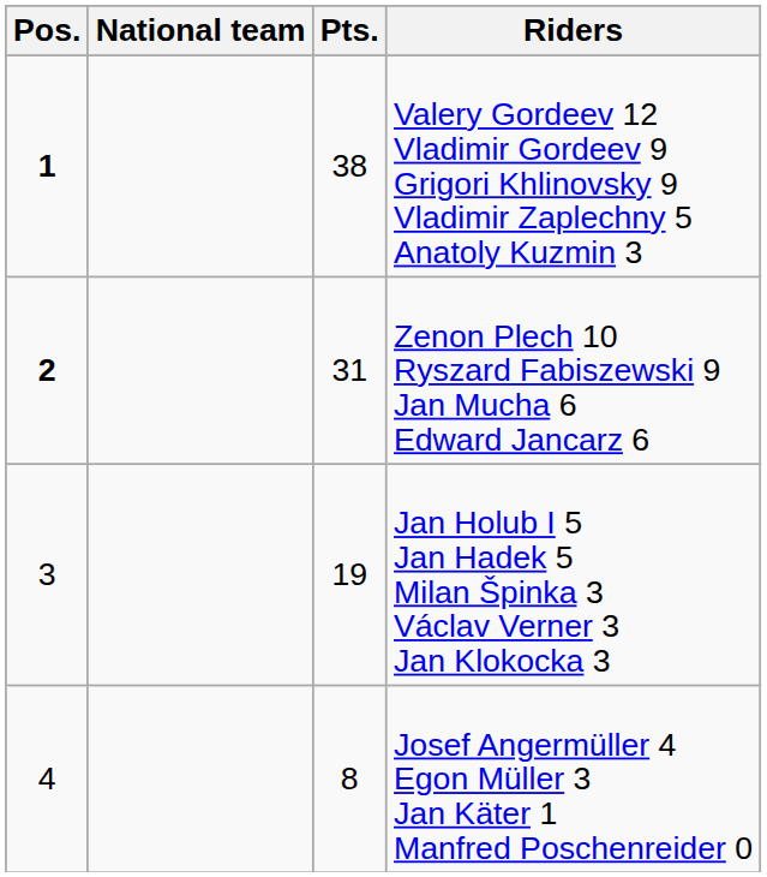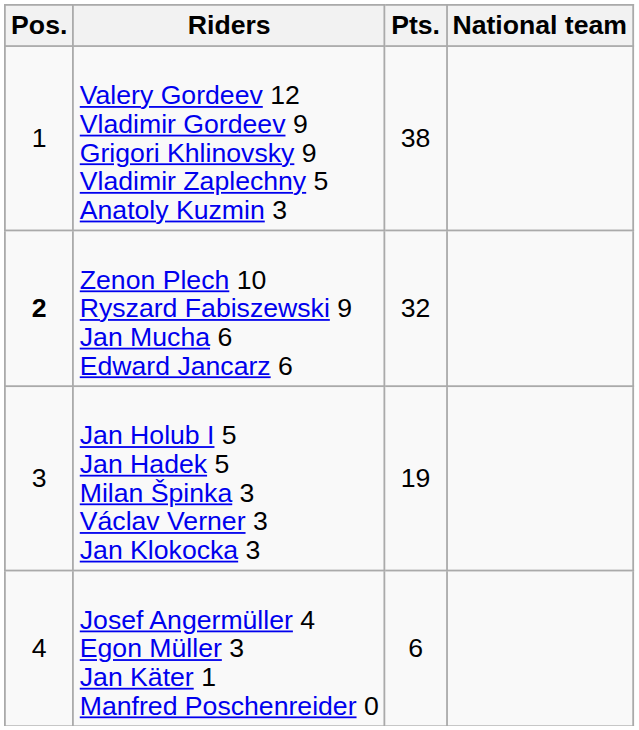 <table class=wikitable style="font-size:93%;">
 <tr>
 <th>Pos.</th>
+<th>Riders</th>
+<th>Pts.</th>
 <th>National team</th>
-<th>Pts.</th>
-<th>Riders</th>
 </tr>
 <tr align=center >
-<td><strong>1</strong></td>
+<td>1</td>
+<td align=left><br><a href='#'>Valery Gordeev</a> 12<br> <a href='#'>Vladimir Gordeev</a> 9<br> <a href='#'>Grigori Khlinovsky</a> 9<br> <a href='#'>Vladimir Zaplechny</a> 5<br> <a href='#'>Anatoly Kuzmin</a> 3</td>
+<td>38</td>
 <td align=left></td>
-<td>38</td>
-<td align=left><br><a href='#'>Valery Gordeev</a> 12<br> <a href='#'>Vladimir Gordeev</a> 9<br> <a href='#'>Grigori Khlinovsky</a> 9<br> <a href='#'>Vladimir Zaplechny</a> 5<br> <a href='#'>Anatoly Kuzmin</a> 3</td>
 </tr>
 <tr align=center >
 <td><strong>2</strong></td>
+<td align=left><br><a href='#'>Zenon Plech</a> 10<br> <a href='#'>Ryszard Fabiszewski</a> 9<br> <a href='#'>Jan Mucha</a> 6<br> <a href='#'>Edward Jancarz</a> 6</td>
+<td>32</td>
 <td align=left></td>
-<td>31</td>
-<td align=left><br><a href='#'>Zenon Plech</a> 10<br> <a href='#'>Ryszard Fabiszewski</a> 9<br> <a href='#'>Jan Mucha</a> 6<br> <a href='#'>Edward Jancarz</a> 6</td>
 </tr>
 <tr align=center>
 <td>3</td>
+<td align=left><br><a href='#'>Jan Holub I</a> 5<br> <a href='#'>Jan Hadek</a> 5<br> <a href='#'>Milan Špinka</a> 3<br> <a href='#'>Václav Verner</a> 3<br> <a href='#'>Jan Klokocka</a> 3</td>
+<td>19</td>
 <td align=left></td>
-<td>19</td>
-<td align=left><br><a href='#'>Jan Holub I</a> 5<br> <a href='#'>Jan Hadek</a> 5<br> <a href='#'>Milan Špinka</a> 3<br> <a href='#'>Václav Verner</a> 3<br> <a href='#'>Jan Klokocka</a> 3</td>
 </tr>
 <tr align=center>
 <td>4</td>
+<td align=left><br><a href='#'>Josef Angermüller</a> 4<br> <a href='#'>Egon Müller</a> 3<br> <a href='#'>Jan Käter</a> 1<br> <a href='#'>Manfred Poschenreider</a> 0</td>
+<td>6</td>
 <td align=left></td>
-<td>8</td>
-<td align=left><br><a href='#'>Josef Angermüller</a> 4<br> <a href='#'>Egon Müller</a> 3<br> <a href='#'>Jan Käter</a> 1<br> <a href='#'>Manfred Poschenreider</a> 0</td>
 </tr>
 </table>
